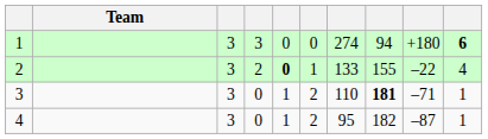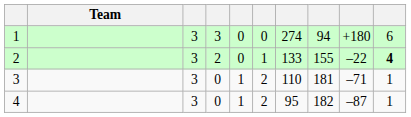 <table class=wikitable style=text-align:center>
 <tr>
 <th width=20 abbr=Position></th>
 <th width=175>Team</th>
 <th width=20 abbr=Played></th>
 <th width=20 abbr=Won></th>
 <th width=20 abbr=Drawn></th>
 <th width=20 abbr=Lost></th>
 <th width=30 abbr=Goal for></th>
 <th width=30 abbr=Goal against></th>
 <th width=30 abbr=Goal difference></th>
 <th width=30 abbr=Points></th>
 </tr>
 <tr bgcolor=#CCFFCC>
 <td>1</td>
 <td align=left></td>
 <td>3</td>
 <td>3</td>
 <td>0</td>
 <td>0</td>
 <td>274</td>
 <td>94</td>
 <td>+180</td>
-<td><strong>6</strong></td>
+<td>6</td>
 </tr>
 <tr bgcolor=#CCFFCC>
 <td>2</td>
 <td align=left></td>
 <td>3</td>
 <td>2</td>
-<td><strong>0</strong></td>
+<td>0</td>
 <td>1</td>
 <td>133</td>
 <td>155</td>
 <td>–22</td>
-<td>4</td>
+<td><strong>4</strong></td>
 </tr>
 <tr>
 <td>3</td>
 <td align=left></td>
 <td>3</td>
 <td>0</td>
 <td>1</td>
 <td>2</td>
 <td>110</td>
-<td><strong>181</strong></td>
+<td>181</td>
 <td>–71</td>
 <td>1</td>
 </tr>
 <tr>
 <td>4</td>
 <td align=left></td>
 <td>3</td>
 <td>0</td>
 <td>1</td>
 <td>2</td>
 <td>95</td>
 <td>182</td>
 <td>–87</td>
 <td>1</td>
 </tr>
 </table>
